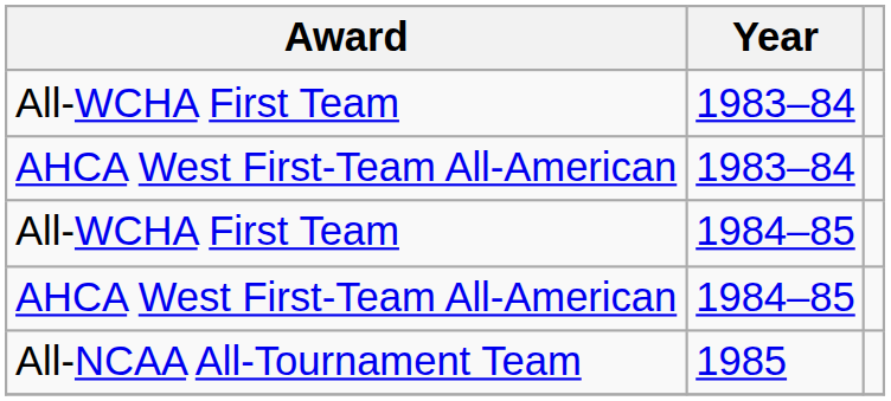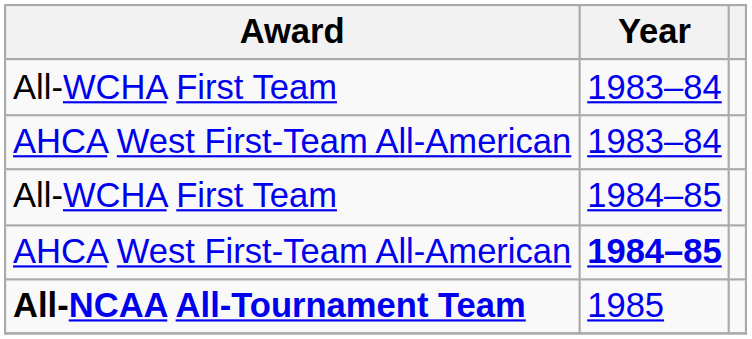 <table class="wikitable">
 <tr>
 <th>Award</th>
 <th>Year</th>
 <th></th>
 </tr>
 <tr>
 <td>All-<a href='#'>WCHA</a> <a href='#'>First Team</a></td>
 <td><a href='#'>1983–84</a></td>
 <td></td>
 </tr>
 <tr>
 <td><a href='#'>AHCA</a> <a href='#'>West First-Team All-American</a></td>
 <td><a href='#'>1983–84</a></td>
 <td></td>
 </tr>
 <tr>
 <td>All-<a href='#'>WCHA</a> <a href='#'>First Team</a></td>
 <td><a href='#'>1984–85</a></td>
 <td></td>
 </tr>
 <tr>
 <td><a href='#'>AHCA</a> <a href='#'>West First-Team All-American</a></td>
-<td><a href='#'>1984–85</a></td>
+<td><strong><a href='#'>1984–85</a></strong></td>
 <td></td>
 </tr>
 <tr>
-<td>All-<a href='#'>NCAA</a> <a href='#'>All-Tournament Team</a></td>
+<td><strong>All-<a href='#'>NCAA</a> <a href='#'>All-Tournament Team</a></strong></td>
 <td><a href='#'>1985</a></td>
 <td></td>
 </tr>
 <tr>
 </tr>
 </table>
